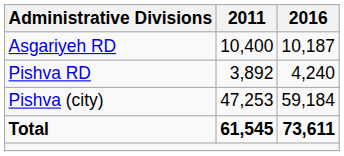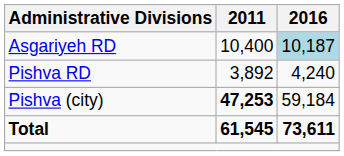 <table class="wikitable">
 <tr>
 <th>Administrative Divisions</th>
 <th>2011</th>
 <th>2016</th>
 </tr>
 <tr>
 <td><a href='#'>Asgariyeh RD</a></td>
 <td style="text-align: right;">10,400</td>
-<td style="text-align: right;">10,187</td>
+<td style="background: lightblue; text-align: right;">10,187</td>
 </tr>
 <tr>
 <td><a href='#'>Pishva RD</a></td>
 <td style="text-align: right;">3,892</td>
 <td style="text-align: right;">4,240</td>
 </tr>
 <tr>
 <td><a href='#'>Pishva</a> (city)</td>
-<td style="text-align: right;">47,253</td>
+<td style="text-align: right;"><strong>47,253</strong></td>
 <td style="text-align: right;">59,184</td>
 </tr>
 <tr>
 <td><strong>Total</strong></td>
 <td style="text-align: right;"><strong>61,545</strong></td>
 <td style="text-align: right;"><strong>73,611</strong></td>
 </tr>
 <tr>
 <td colspan=3></td>
 </tr>
 </table>
